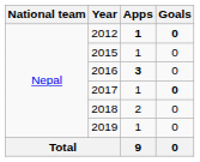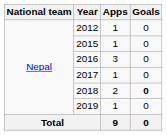 <table class=wikitable style=text-align:center>
 <tr>
 <th>National team</th>
 <th>Year</th>
 <th>Apps</th>
 <th>Goals</th>
 </tr>
 <tr>
 <td rowspan=6><a href='#'>Nepal</a></td>
 <td>2012</td>
-<td><strong>1</strong></td>
-<td><strong>0</strong></td>
+<td>1</td>
+<td>0</td>
 </tr>
 <tr>
 <td>2015</td>
 <td>1</td>
 <td>0</td>
 </tr>
 <tr>
 <td>2016</td>
-<td><strong>3</strong></td>
+<td>3</td>
 <td>0</td>
 </tr>
 <tr>
 <td>2017</td>
 <td>1</td>
-<td><strong>0</strong></td>
+<td>0</td>
 </tr>
 <tr>
 <td>2018</td>
 <td>2</td>
-<td>0</td>
+<td><strong>0</strong></td>
 </tr>
 <tr>
 <td>2019</td>
 <td>1</td>
 <td>0</td>
 </tr>
 <tr>
 <th colspan=2>Total</th>
 <th>9</th>
 <th>0</th>
 </tr>
 </table>
